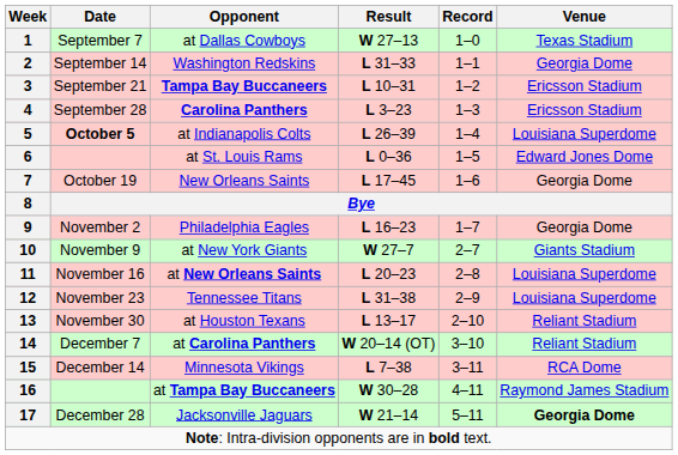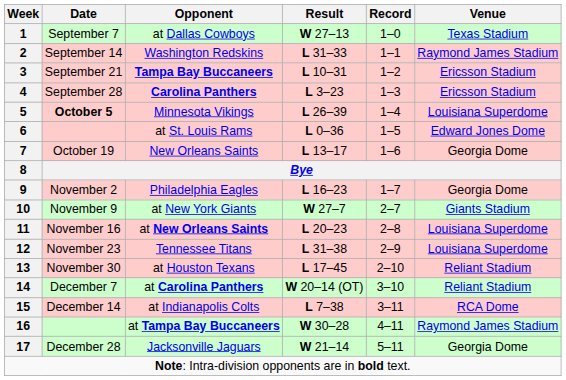 <table class="wikitable" style="text-align:center">
 <tr>
 <th>Week</th>
 <th>Date</th>
 <th>Opponent</th>
 <th>Result</th>
 <th>Record</th>
 <th>Venue</th>
 </tr>
 <tr style="background:#cfc">
 <th>1</th>
 <td>September 7</td>
 <td>at <a href='#'>Dallas Cowboys</a></td>
 <td><strong>W</strong> 27–13</td>
 <td>1–0</td>
 <td><a href='#'>Texas Stadium</a></td>
 </tr>
 <tr style="background:#fcc">
 <th>2</th>
 <td>September 14</td>
 <td><a href='#'>Washington Redskins</a></td>
 <td><strong>L </strong> 31–33</td>
 <td>1–1</td>
-<td><a href='#'>Georgia Dome</a></td>
+<td><a href='#'>Raymond James Stadium</a></td>
 </tr>
 <tr style="background:#fcc">
 <th>3</th>
 <td>September 21</td>
 <td><strong><a href='#'>Tampa Bay Buccaneers</a></strong></td>
 <td><strong>L </strong> 10–31</td>
 <td>1–2</td>
 <td><a href='#'>Ericsson Stadium</a></td>
 </tr>
 <tr style="background:#fcc">
 <th>4</th>
 <td>September 28</td>
 <td><strong><a href='#'>Carolina Panthers</a></strong></td>
 <td><strong>L</strong> 3–23</td>
 <td>1–3</td>
 <td><a href='#'>Ericsson Stadium</a></td>
 </tr>
 <tr style="background:#fcc">
 <th>5</th>
 <td><strong>October 5</strong></td>
-<td>at <a href='#'>Indianapolis Colts</a></td>
+<td><a href='#'>Minnesota Vikings</a></td>
 <td><strong>L </strong> 26–39</td>
 <td>1–4</td>
 <td><a href='#'>Louisiana Superdome</a></td>
 </tr>
 <tr style="background:#fcc">
 <th>6</th>
 <td></td>
 <td>at <a href='#'>St. Louis Rams</a></td>
 <td><strong>L</strong> 0–36</td>
 <td>1–5</td>
 <td><a href='#'>Edward Jones Dome</a></td>
 </tr>
 <tr style="background:#fcc">
 <th>7</th>
 <td>October 19</td>
 <td><a href='#'>New Orleans Saints</a></td>
-<td><strong>L</strong> 17–45</td>
+<td><strong>L</strong> 13–17</td>
 <td>1–6</td>
 <td>Georgia Dome</td>
 </tr>
 <tr>
 <th>8</th>
 <th colspan="6"><em><a href='#'>Bye</a></em></th>
 </tr>
 <tr style="background:#fcc">
 <th>9</th>
 <td>November 2</td>
 <td><a href='#'>Philadelphia Eagles</a></td>
 <td><strong>L</strong> 16–23</td>
 <td>1–7</td>
 <td>Georgia Dome</td>
 </tr>
 <tr style="background:#cfc">
 <th>10</th>
 <td>November 9</td>
 <td>at <a href='#'>New York Giants</a></td>
 <td><strong>W</strong> 27–7</td>
 <td>2–7</td>
 <td><a href='#'>Giants Stadium</a></td>
 </tr>
 <tr style="background:#fcc">
 <th>11</th>
 <td>November 16</td>
 <td>at <strong><a href='#'>New Orleans Saints</a></strong></td>
 <td><strong>L</strong> 20–23</td>
 <td>2–8</td>
 <td><a href='#'>Louisiana Superdome</a></td>
 </tr>
 <tr style="background:#fcc">
 <th>12</th>
 <td>November 23</td>
 <td><a href='#'>Tennessee Titans</a></td>
 <td><strong>L</strong> 31–38</td>
 <td>2–9</td>
 <td><a href='#'>Louisiana Superdome</a></td>
 </tr>
 <tr style="background:#fcc">
 <th>13</th>
 <td>November 30</td>
 <td>at <a href='#'>Houston Texans</a></td>
-<td><strong>L</strong> 13–17</td>
+<td><strong>L</strong> 17–45</td>
 <td>2–10</td>
 <td><a href='#'>Reliant Stadium</a></td>
 </tr>
 <tr style="background:#cfc">
 <th>14</th>
 <td>December 7</td>
 <td>at <strong><a href='#'>Carolina Panthers</a></strong></td>
 <td><strong>W</strong> 20–14 (OT)</td>
 <td>3–10</td>
 <td><a href='#'>Reliant Stadium</a></td>
 </tr>
 <tr style="background:#fcc">
 <th>15</th>
 <td>December 14</td>
-<td><a href='#'>Minnesota Vikings</a></td>
+<td>at <a href='#'>Indianapolis Colts</a></td>
 <td><strong>L</strong> 7–38</td>
 <td>3–11</td>
 <td><a href='#'>RCA Dome</a></td>
 </tr>
 <tr style="background:#cfc">
 <th>16</th>
 <td></td>
 <td>at <strong><a href='#'>Tampa Bay Buccaneers</a></strong></td>
 <td><strong>W</strong> 30–28</td>
 <td>4–11</td>
 <td><a href='#'>Raymond James Stadium</a></td>
 </tr>
 <tr style="background:#cfc">
 <th>17</th>
 <td>December 28</td>
 <td><a href='#'>Jacksonville Jaguars</a></td>
 <td><strong>W</strong> 21–14</td>
 <td>5–11</td>
-<td><strong>Georgia Dome</strong></td>
+<td>Georgia Dome</td>
 </tr>
 <tr>
 <td colspan="7"><strong>Note</strong>: Intra-division opponents are in <strong>bold</strong> text.</td>
 </tr>
 </table>
